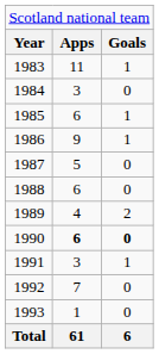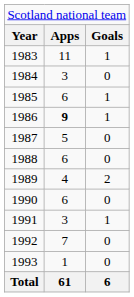 <table class="wikitable" style="text-align:center">
 <tr>
 <td colspan="3"><a href='#'>Scotland national team</a></td>
 </tr>
 <tr>
 <th>Year</th>
 <th>Apps</th>
 <th>Goals</th>
 </tr>
 <tr>
 <td>1983</td>
 <td>11</td>
 <td>1</td>
 </tr>
 <tr>
 <td>1984</td>
 <td>3</td>
 <td>0</td>
 </tr>
 <tr>
 <td>1985</td>
 <td>6</td>
 <td>1</td>
 </tr>
 <tr>
 <td>1986</td>
-<td>9</td>
+<td><strong>9</strong></td>
 <td>1</td>
 </tr>
 <tr>
 <td>1987</td>
 <td>5</td>
 <td>0</td>
 </tr>
 <tr>
 <td>1988</td>
 <td>6</td>
 <td>0</td>
 </tr>
 <tr>
 <td>1989</td>
 <td>4</td>
 <td>2</td>
 </tr>
 <tr>
 <td>1990</td>
-<td><strong>6</strong></td>
-<td><strong>0</strong></td>
+<td>6</td>
+<td>0</td>
 </tr>
 <tr>
 <td>1991</td>
 <td>3</td>
 <td>1</td>
 </tr>
 <tr>
 <td>1992</td>
 <td>7</td>
 <td>0</td>
 </tr>
 <tr>
 <td>1993</td>
 <td>1</td>
 <td>0</td>
 </tr>
 <tr>
 <th>Total</th>
 <th>61</th>
 <th>6</th>
 </tr>
 </table>
